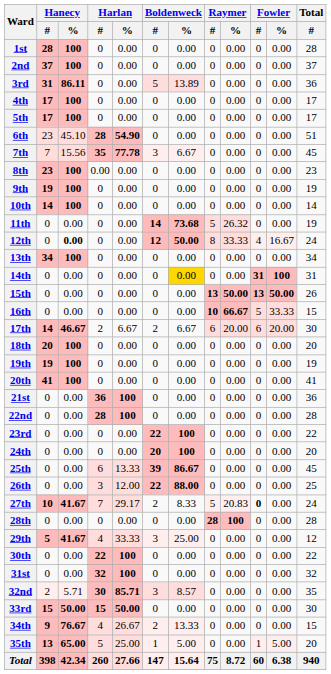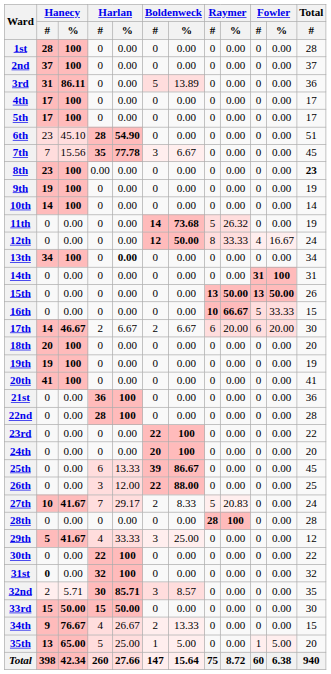 <table class="wikitable mw-collapsible mw-collapsed" style="text-align: center">
 <tr>
 <th rowspan=2>Ward</th>
 <th colspan=2><a href='#'>Hanecy</a></th>
 <th colspan=2><a href='#'>Harlan</a></th>
 <th colspan=2><a href='#'>Boldenweck</a></th>
 <th colspan=2><a href='#'>Raymer</a></th>
 <th colspan=2><a href='#'>Fowler</a></th>
 <th>Total</th>
 </tr>
 <tr>
 <th>#</th>
 <th>%</th>
 <th>#</th>
 <th>%</th>
 <th>#</th>
 <th>%</th>
 <th>#</th>
 <th>%</th>
 <th>#</th>
 <th>%</th>
 <th>#</th>
 </tr>
 <tr>
 <th><a href='#'>1st</a></th>
 <td style="background:#fbb;"><strong>28</strong></td>
 <td style="background:#fbb;"><strong>100</strong></td>
 <td>0</td>
 <td>0.00</td>
 <td>0</td>
 <td>0.00</td>
 <td>0</td>
 <td>0.00</td>
 <td>0</td>
 <td>0.00</td>
 <td>28</td>
 </tr>
 <tr>
 <th><a href='#'>2nd</a></th>
 <td style="background:#fbb;"><strong>37</strong></td>
 <td style="background:#fbb;"><strong>100</strong></td>
 <td>0</td>
 <td>0.00</td>
 <td>0</td>
 <td>0.00</td>
 <td>0</td>
 <td>0.00</td>
 <td>0</td>
 <td>0.00</td>
 <td>37</td>
 </tr>
 <tr>
 <th><a href='#'>3rd</a></th>
 <td style="background:#fbb;"><strong>31</strong></td>
 <td style="background:#fbb;"><strong>86.11</strong></td>
 <td>0</td>
 <td>0.00</td>
 <td style="background:#fdd;">5</td>
 <td style="background:#fdd;">13.89</td>
 <td>0</td>
 <td>0.00</td>
 <td>0</td>
 <td>0.00</td>
 <td>36</td>
 </tr>
 <tr>
 <th><a href='#'>4th</a></th>
 <td style="background:#fbb;"><strong>17</strong></td>
 <td style="background:#fbb;"><strong>100</strong></td>
 <td>0</td>
 <td>0.00</td>
 <td>0</td>
 <td>0.00</td>
 <td>0</td>
 <td>0.00</td>
 <td>0</td>
 <td>0.00</td>
 <td>17</td>
 </tr>
 <tr>
 <th><a href='#'>5th</a></th>
 <td style="background:#fbb;"><strong>17</strong></td>
 <td style="background:#fbb;"><strong>100</strong></td>
 <td>0</td>
 <td>0.00</td>
 <td>0</td>
 <td>0.00</td>
 <td>0</td>
 <td>0.00</td>
 <td>0</td>
 <td>0.00</td>
 <td>17</td>
 </tr>
 <tr>
 <th><a href='#'>6th</a></th>
 <td style="background:#fdd;">23</td>
 <td style="background:#fdd;">45.10</td>
 <td style="background:#fbb;"><strong>28</strong></td>
 <td style="background:#fbb;"><strong>54.90</strong></td>
 <td>0</td>
 <td>0.00</td>
 <td>0</td>
 <td>0.00</td>
 <td>0</td>
 <td>0.00</td>
 <td>51</td>
 </tr>
 <tr>
 <th><a href='#'>7th</a></th>
 <td style="background:#fdd;">7</td>
 <td style="background:#fdd;">15.56</td>
 <td style="background:#fbb;"><strong>35</strong></td>
 <td style="background:#fbb;"><strong>77.78</strong></td>
 <td style="background:#fee;">3</td>
 <td style="background:#fee;">6.67</td>
 <td>0</td>
 <td>0.00</td>
 <td>0</td>
 <td>0.00</td>
 <td>45</td>
 </tr>
 <tr>
 <th><a href='#'>8th</a></th>
 <td style="background:#fbb;"><strong>23</strong></td>
 <td style="background:#fbb;"><strong>100</strong></td>
 <td>0.00</td>
 <td>0.00</td>
 <td>0</td>
 <td>0.00</td>
 <td>0</td>
 <td>0.00</td>
 <td>0</td>
 <td>0.00</td>
-<td>23</td>
+<td><strong>23</strong></td>
 </tr>
 <tr>
 <th><a href='#'>9th</a></th>
 <td style="background:#fbb;"><strong>19</strong></td>
 <td style="background:#fbb;"><strong>100</strong></td>
 <td>0</td>
 <td>0.00</td>
 <td>0</td>
 <td>0.00</td>
 <td>0</td>
 <td>0.00</td>
 <td>0</td>
 <td>0.00</td>
 <td>19</td>
 </tr>
 <tr>
 <th><a href='#'>10th</a></th>
 <td style="background:#fbb;"><strong>14</strong></td>
 <td style="background:#fbb;"><strong>100</strong></td>
 <td>0</td>
 <td>0.00</td>
 <td>0</td>
 <td>0.00</td>
 <td>0</td>
 <td>0.00</td>
 <td>0</td>
 <td>0.00</td>
 <td>14</td>
 </tr>
 <tr>
 <th><a href='#'>11th</a></th>
 <td>0</td>
 <td>0.00</td>
 <td>0</td>
 <td>0.00</td>
 <td style="background:#fbb;"><strong>14</strong></td>
 <td style="background:#fbb;"><strong>73.68</strong></td>
 <td style="background:#fdd;">5</td>
 <td style="background:#fdd;">26.32</td>
 <td>0</td>
 <td>0.00</td>
 <td>19</td>
 </tr>
 <tr>
 <th><a href='#'>12th</a></th>
 <td>0</td>
-<td><strong>0.00</strong></td>
+<td>0.00</td>
 <td>0</td>
 <td>0.00</td>
 <td style="background:#fbb;"><strong>12</strong></td>
 <td style="background:#fbb;"><strong>50.00</strong></td>
 <td style="background:#fdd;">8</td>
 <td style="background:#fdd;">33.33</td>
 <td style="background:#fee;">4</td>
 <td style="background:#fee;">16.67</td>
 <td>24</td>
 </tr>
 <tr>
 <th><a href='#'>13th</a></th>
 <td style="background:#fbb;"><strong>34</strong></td>
 <td style="background:#fbb;"><strong>100</strong></td>
 <td>0</td>
-<td>0.00</td>
+<td><strong>0.00</strong></td>
 <td>0</td>
 <td>0.00</td>
 <td>0</td>
 <td>0.00</td>
 <td>0</td>
 <td>0.00</td>
 <td>34</td>
 </tr>
 <tr>
 <th><a href='#'>14th</a></th>
 <td>0</td>
 <td>0.00</td>
 <td>0</td>
 <td>0.00</td>
 <td>0</td>
-<td style="background: gold;">0.00</td>
+<td>0.00</td>
 <td>0</td>
 <td>0.00</td>
 <td style="background:#fbb;"><strong>31</strong></td>
 <td style="background:#fbb;"><strong>100</strong></td>
 <td>31</td>
 </tr>
 <tr>
 <th><a href='#'>15th</a></th>
 <td>0</td>
 <td>0.00</td>
 <td>0</td>
 <td>0.00</td>
 <td>0</td>
 <td>0.00</td>
 <td style="background:#fbb;"><strong>13</strong></td>
 <td style="background:#fbb;"><strong>50.00</strong></td>
 <td style="background:#fbb;"><strong>13</strong></td>
 <td style="background:#fbb;"><strong>50.00</strong></td>
 <td>26</td>
 </tr>
 <tr>
 <th><a href='#'>16th</a></th>
 <td>0</td>
 <td>0.00</td>
 <td>0</td>
 <td>0.00</td>
 <td>0</td>
 <td>0.00</td>
 <td style="background:#fbb;"><strong>10</strong></td>
 <td style="background:#fbb;"><strong>66.67</strong></td>
 <td style="background:#fdd;">5</td>
 <td style="background:#fdd;">33.33</td>
 <td>15</td>
 </tr>
 <tr>
 <th><a href='#'>17th</a></th>
 <td style="background:#fbb;"><strong>14</strong></td>
 <td style="background:#fbb;"><strong>46.67</strong></td>
 <td>2</td>
 <td>6.67</td>
 <td>2</td>
 <td>6.67</td>
 <td style="background:#fdd;">6</td>
 <td style="background:#fdd;">20.00</td>
 <td style="background:#fdd;">6</td>
 <td style="background:#fdd;">20.00</td>
 <td>30</td>
 </tr>
 <tr>
 <th><a href='#'>18th</a></th>
 <td style="background:#fbb;"><strong>20</strong></td>
 <td style="background:#fbb;"><strong>100</strong></td>
 <td>0</td>
 <td>0.00</td>
 <td>0</td>
 <td>0.00</td>
 <td>0</td>
 <td>0.00</td>
 <td>0</td>
 <td>0.00</td>
 <td>20</td>
 </tr>
 <tr>
 <th><a href='#'>19th</a></th>
 <td style="background:#fbb;"><strong>19</strong></td>
 <td style="background:#fbb;"><strong>100</strong></td>
 <td>0</td>
 <td>0.00</td>
 <td>0</td>
 <td>0.00</td>
 <td>0</td>
 <td>0.00</td>
 <td>0</td>
 <td>0.00</td>
 <td>19</td>
 </tr>
 <tr>
 <th><a href='#'>20th</a></th>
 <td style="background:#fbb;"><strong>41</strong></td>
 <td style="background:#fbb;"><strong>100</strong></td>
 <td>0</td>
 <td>0.00</td>
 <td>0</td>
 <td>0.00</td>
 <td>0</td>
 <td>0.00</td>
 <td>0</td>
 <td>0.00</td>
 <td>41</td>
 </tr>
 <tr>
 <th><a href='#'>21st</a></th>
 <td>0</td>
 <td>0.00</td>
 <td style="background:#fbb;"><strong>36</strong></td>
 <td style="background:#fbb;"><strong>100</strong></td>
 <td>0</td>
 <td>0.00</td>
 <td>0</td>
 <td>0.00</td>
 <td>0</td>
 <td>0.00</td>
 <td>36</td>
 </tr>
 <tr>
 <th><a href='#'>22nd</a></th>
 <td>0</td>
 <td>0.00</td>
 <td style="background:#fbb;"><strong>28</strong></td>
 <td style="background:#fbb;"><strong>100</strong></td>
 <td>0</td>
 <td>0.00</td>
 <td>0</td>
 <td>0.00</td>
 <td>0</td>
 <td>0.00</td>
 <td>28</td>
 </tr>
 <tr>
 <th><a href='#'>23rd</a></th>
 <td>0</td>
 <td>0.00</td>
 <td>0</td>
 <td>0.00</td>
 <td style="background:#fbb;"><strong>22</strong></td>
 <td style="background:#fbb;"><strong>100</strong></td>
 <td>0</td>
 <td>0.00</td>
 <td>0</td>
 <td>0.00</td>
 <td>22</td>
 </tr>
 <tr>
 <th><a href='#'>24th</a></th>
 <td>0</td>
 <td>0.00</td>
 <td>0</td>
 <td>0.00</td>
 <td style="background:#fbb;"><strong>20</strong></td>
 <td style="background:#fbb;"><strong>100</strong></td>
 <td>0</td>
 <td>0.00</td>
 <td>0</td>
 <td>0.00</td>
 <td>20</td>
 </tr>
 <tr>
 <th><a href='#'>25th</a></th>
 <td>0</td>
 <td>0.00</td>
 <td style="background:#fdd;">6</td>
 <td style="background:#fdd;">13.33</td>
 <td style="background:#fbb;"><strong>39</strong></td>
 <td style="background:#fbb;"><strong>86.67</strong></td>
 <td>0</td>
 <td>0.00</td>
 <td>0</td>
 <td>0.00</td>
 <td>45</td>
 </tr>
 <tr>
 <th><a href='#'>26th</a></th>
 <td>0</td>
 <td>0.00</td>
 <td style="background:#fdd;">3</td>
 <td style="background:#fdd;">12.00</td>
 <td style="background:#fbb;"><strong>22</strong></td>
 <td style="background:#fbb;"><strong>88.00</strong></td>
 <td>0</td>
 <td>0.00</td>
 <td>0</td>
 <td>0.00</td>
 <td>25</td>
 </tr>
 <tr>
 <th><a href='#'>27th</a></th>
 <td style="background:#fbb;"><strong>10</strong></td>
 <td style="background:#fbb;"><strong>41.67</strong></td>
 <td style="background:#fdd;">7</td>
 <td style="background:#fdd;">29.17</td>
 <td>2</td>
 <td>8.33</td>
 <td style="background:#fee;">5</td>
 <td style="background:#fee;">20.83</td>
-<td><strong>0</strong></td>
+<td>0</td>
 <td>0.00</td>
 <td>24</td>
 </tr>
 <tr>
 <th><a href='#'>28th</a></th>
 <td>0</td>
 <td>0.00</td>
 <td>0</td>
 <td>0.00</td>
 <td>0</td>
 <td>0.00</td>
 <td style="background:#fbb;"><strong>28</strong></td>
 <td style="background:#fbb;"><strong>100</strong></td>
 <td>0</td>
 <td>0.00</td>
 <td>28</td>
 </tr>
 <tr>
 <th><a href='#'>29th</a></th>
 <td style="background:#fbb;"><strong>5</strong></td>
 <td style="background:#fbb;"><strong>41.67</strong></td>
 <td style="background:#fdd;">4</td>
 <td style="background:#fdd;">33.33</td>
 <td style="background:#fee;">3</td>
 <td style="background:#fee;">25.00</td>
 <td>0</td>
 <td>0.00</td>
 <td>0</td>
 <td>0.00</td>
 <td>12</td>
 </tr>
 <tr>
 <th><a href='#'>30th</a></th>
 <td>0</td>
 <td>0.00</td>
 <td style="background:#fbb;"><strong>22</strong></td>
 <td style="background:#fbb;"><strong>100</strong></td>
 <td>0</td>
 <td>0.00</td>
 <td>0</td>
 <td>0.00</td>
 <td>0</td>
 <td>0.00</td>
 <td>22</td>
 </tr>
 <tr>
 <th><a href='#'>31st</a></th>
-<td>0</td>
+<td><strong>0</strong></td>
 <td>0.00</td>
 <td style="background:#fbb;"><strong>32</strong></td>
 <td style="background:#fbb;"><strong>100</strong></td>
 <td>0</td>
 <td>0.00</td>
 <td>0</td>
 <td>0.00</td>
 <td>0</td>
 <td>0.00</td>
 <td>32</td>
 </tr>
 <tr>
 <th><a href='#'>32nd</a></th>
 <td style="background:#fee;">2</td>
 <td style="background:#fee;">5.71</td>
 <td style="background:#fbb;"><strong>30</strong></td>
 <td style="background:#fbb;"><strong>85.71</strong></td>
 <td style="background:#fdd;">3</td>
 <td style="background:#fdd;">8.57</td>
 <td>0</td>
 <td>0.00</td>
 <td>0</td>
 <td>0.00</td>
 <td>35</td>
 </tr>
 <tr>
 <th><a href='#'>33rd</a></th>
 <td style="background:#fbb;"><strong>15</strong></td>
 <td style="background:#fbb;"><strong>50.00</strong></td>
 <td style="background:#fbb;"><strong>15</strong></td>
 <td style="background:#fbb;"><strong>50.00</strong></td>
 <td>0</td>
 <td>0.00</td>
 <td>0</td>
 <td>0.00</td>
 <td>0</td>
 <td>0.00</td>
 <td>30</td>
 </tr>
 <tr>
 <th><a href='#'>34th</a></th>
 <td style="background:#fbb;"><strong>9</strong></td>
 <td style="background:#fbb;"><strong>76.67</strong></td>
 <td style="background:#fdd;">4</td>
 <td style="background:#fdd;">26.67</td>
 <td style="background:#fee;">2</td>
 <td style="background:#fee;">13.33</td>
 <td>0</td>
 <td>0.00</td>
 <td>0</td>
 <td>0.00</td>
 <td>15</td>
 </tr>
 <tr>
 <th><a href='#'>35th</a></th>
 <td style="background:#fbb;"><strong>13</strong></td>
 <td style="background:#fbb;"><strong>65.00</strong></td>
 <td style="background:#fdd;">5</td>
 <td style="background:#fdd;">25.00</td>
 <td style="background:#fee;">1</td>
 <td style="background:#fee;">5.00</td>
 <td>0</td>
 <td>0.00</td>
 <td style="background:#fee;">1</td>
 <td style="background:#fee;">5.00</td>
 <td>20</td>
 </tr>
 <tr>
 <th><em>Total</em></th>
 <th style="background:#fbb;">398</th>
 <th style="background:#fbb;">42.34</th>
 <th style="background:#fdd;">260</th>
 <th style="background:#fdd;">27.66</th>
 <th style="background:#fee;">147</th>
 <th style="background:#fee;">15.64</th>
 <th>75</th>
 <th>8.72</th>
 <th>60</th>
 <th>6.38</th>
 <th>940</th>
 </tr>
 </table>
